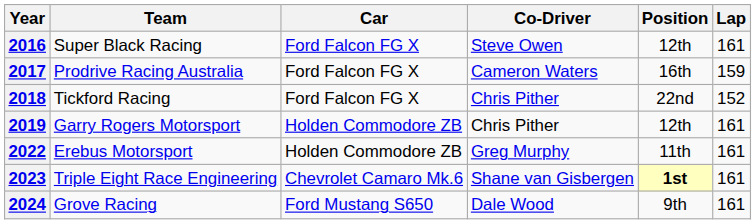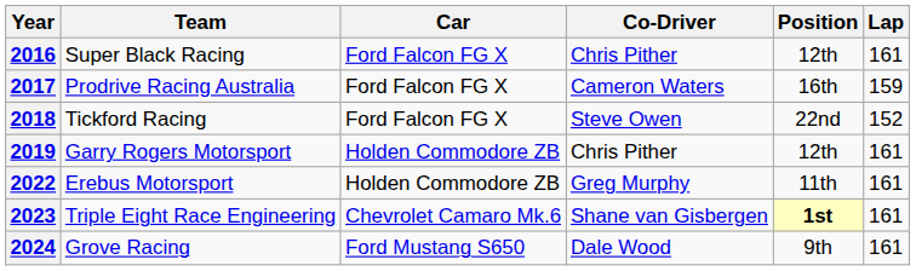 <table class="wikitable" style="font-size: 95%;">
 <tr>
 <th>Year</th>
 <th>Team</th>
 <th>Car</th>
 <th>Co-Driver</th>
 <th>Position</th>
 <th>Lap</th>
 </tr>
 <tr>
 <th><a href='#'>2016</a></th>
 <td>Super Black Racing</td>
 <td><a href='#'>Ford Falcon FG X</a></td>
-<td> <a href='#'>Steve Owen</a></td>
+<td> <a href='#'>Chris Pither</a></td>
 <td align="center">12th</td>
 <td align="center">161</td>
 </tr>
 <tr>
 <th><a href='#'>2017</a></th>
 <td><a href='#'>Prodrive Racing Australia</a></td>
 <td>Ford Falcon FG X</td>
 <td> <a href='#'>Cameron Waters</a></td>
 <td align="center">16th</td>
 <td align="center">159</td>
 </tr>
 <tr>
 <th><a href='#'>2018</a></th>
 <td>Tickford Racing</td>
 <td>Ford Falcon FG X</td>
-<td> <a href='#'>Chris Pither</a></td>
+<td> <a href='#'>Steve Owen</a></td>
 <td align="center">22nd</td>
 <td align="center">152</td>
 </tr>
 <tr>
 <th><a href='#'>2019</a></th>
 <td><a href='#'>Garry Rogers Motorsport</a></td>
 <td><a href='#'>Holden Commodore ZB</a></td>
 <td> Chris Pither</td>
 <td align="center">12th</td>
 <td align="center">161</td>
 </tr>
 <tr>
 <th><a href='#'>2022</a></th>
 <td><a href='#'>Erebus Motorsport</a></td>
 <td>Holden Commodore ZB</td>
 <td> <a href='#'>Greg Murphy</a></td>
 <td align="center">11th</td>
 <td align="center">161</td>
 </tr>
 <tr>
 <th><a href='#'>2023</a></th>
 <td nowrap><a href='#'>Triple Eight Race Engineering</a></td>
 <td nowrap><a href='#'>Chevrolet Camaro Mk.6</a></td>
 <td nowrap> <a href='#'>Shane van Gisbergen</a></td>
 <td align="center" style="background: #ffffbf"><strong>1st</strong></td>
 <td align="center">161</td>
 </tr>
 <tr>
 <th><a href='#'>2024</a></th>
 <td><a href='#'>Grove Racing</a></td>
 <td><a href='#'>Ford Mustang S650</a></td>
 <td> <a href='#'>Dale Wood</a></td>
 <td align="center">9th</td>
 <td align="center">161</td>
 </tr>
 </table>
